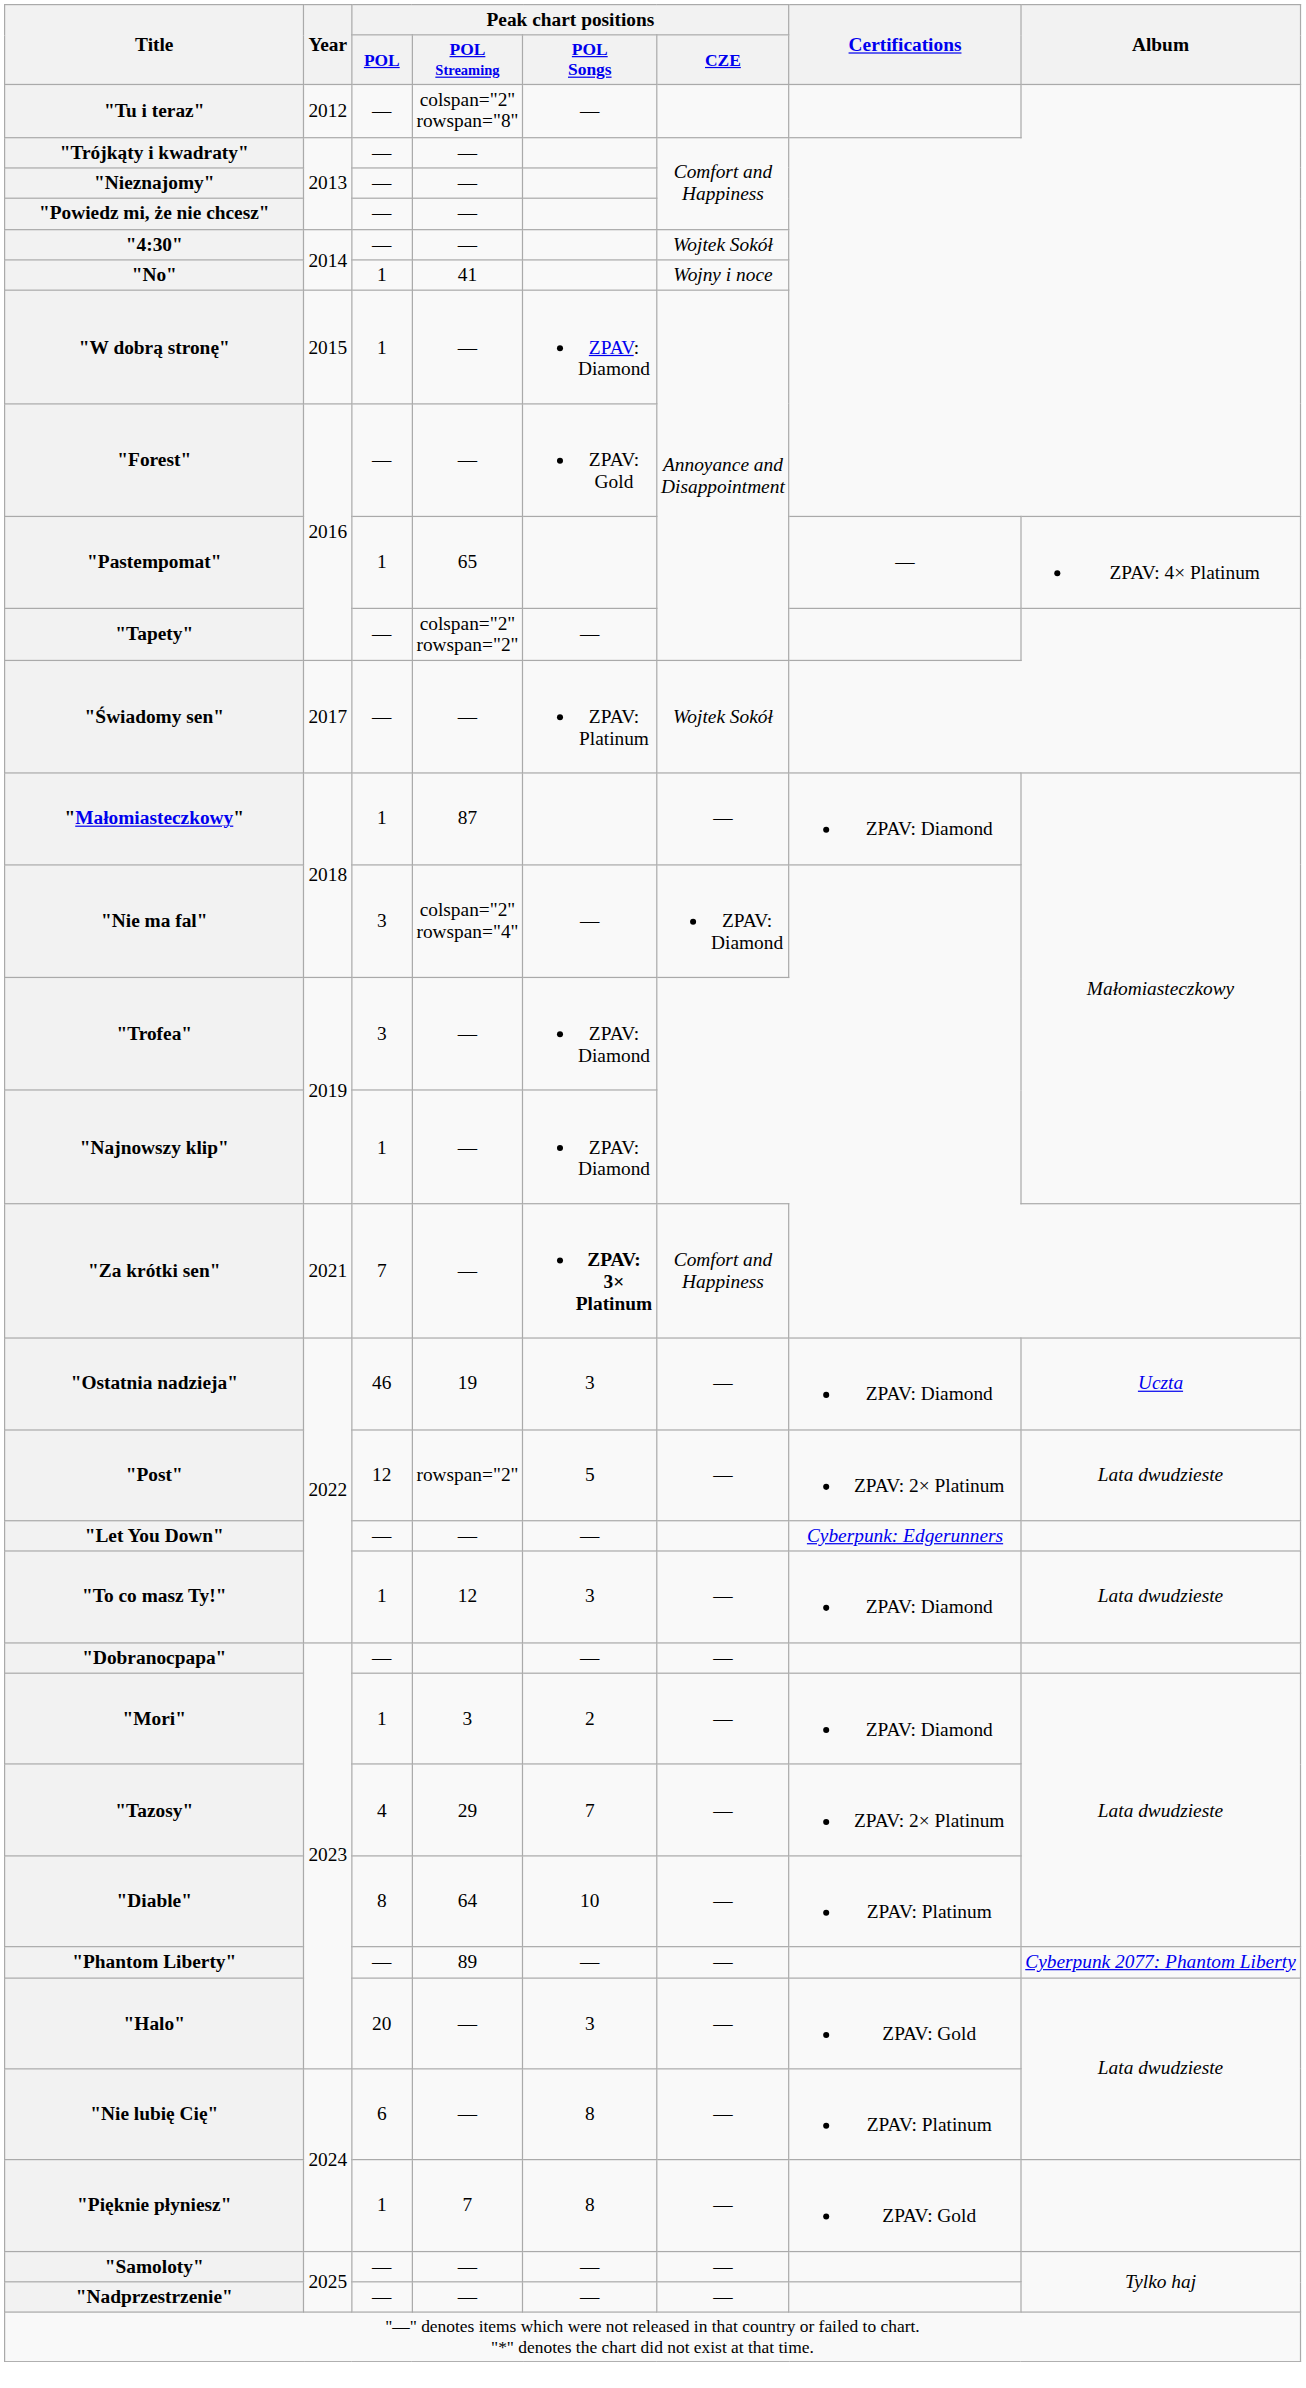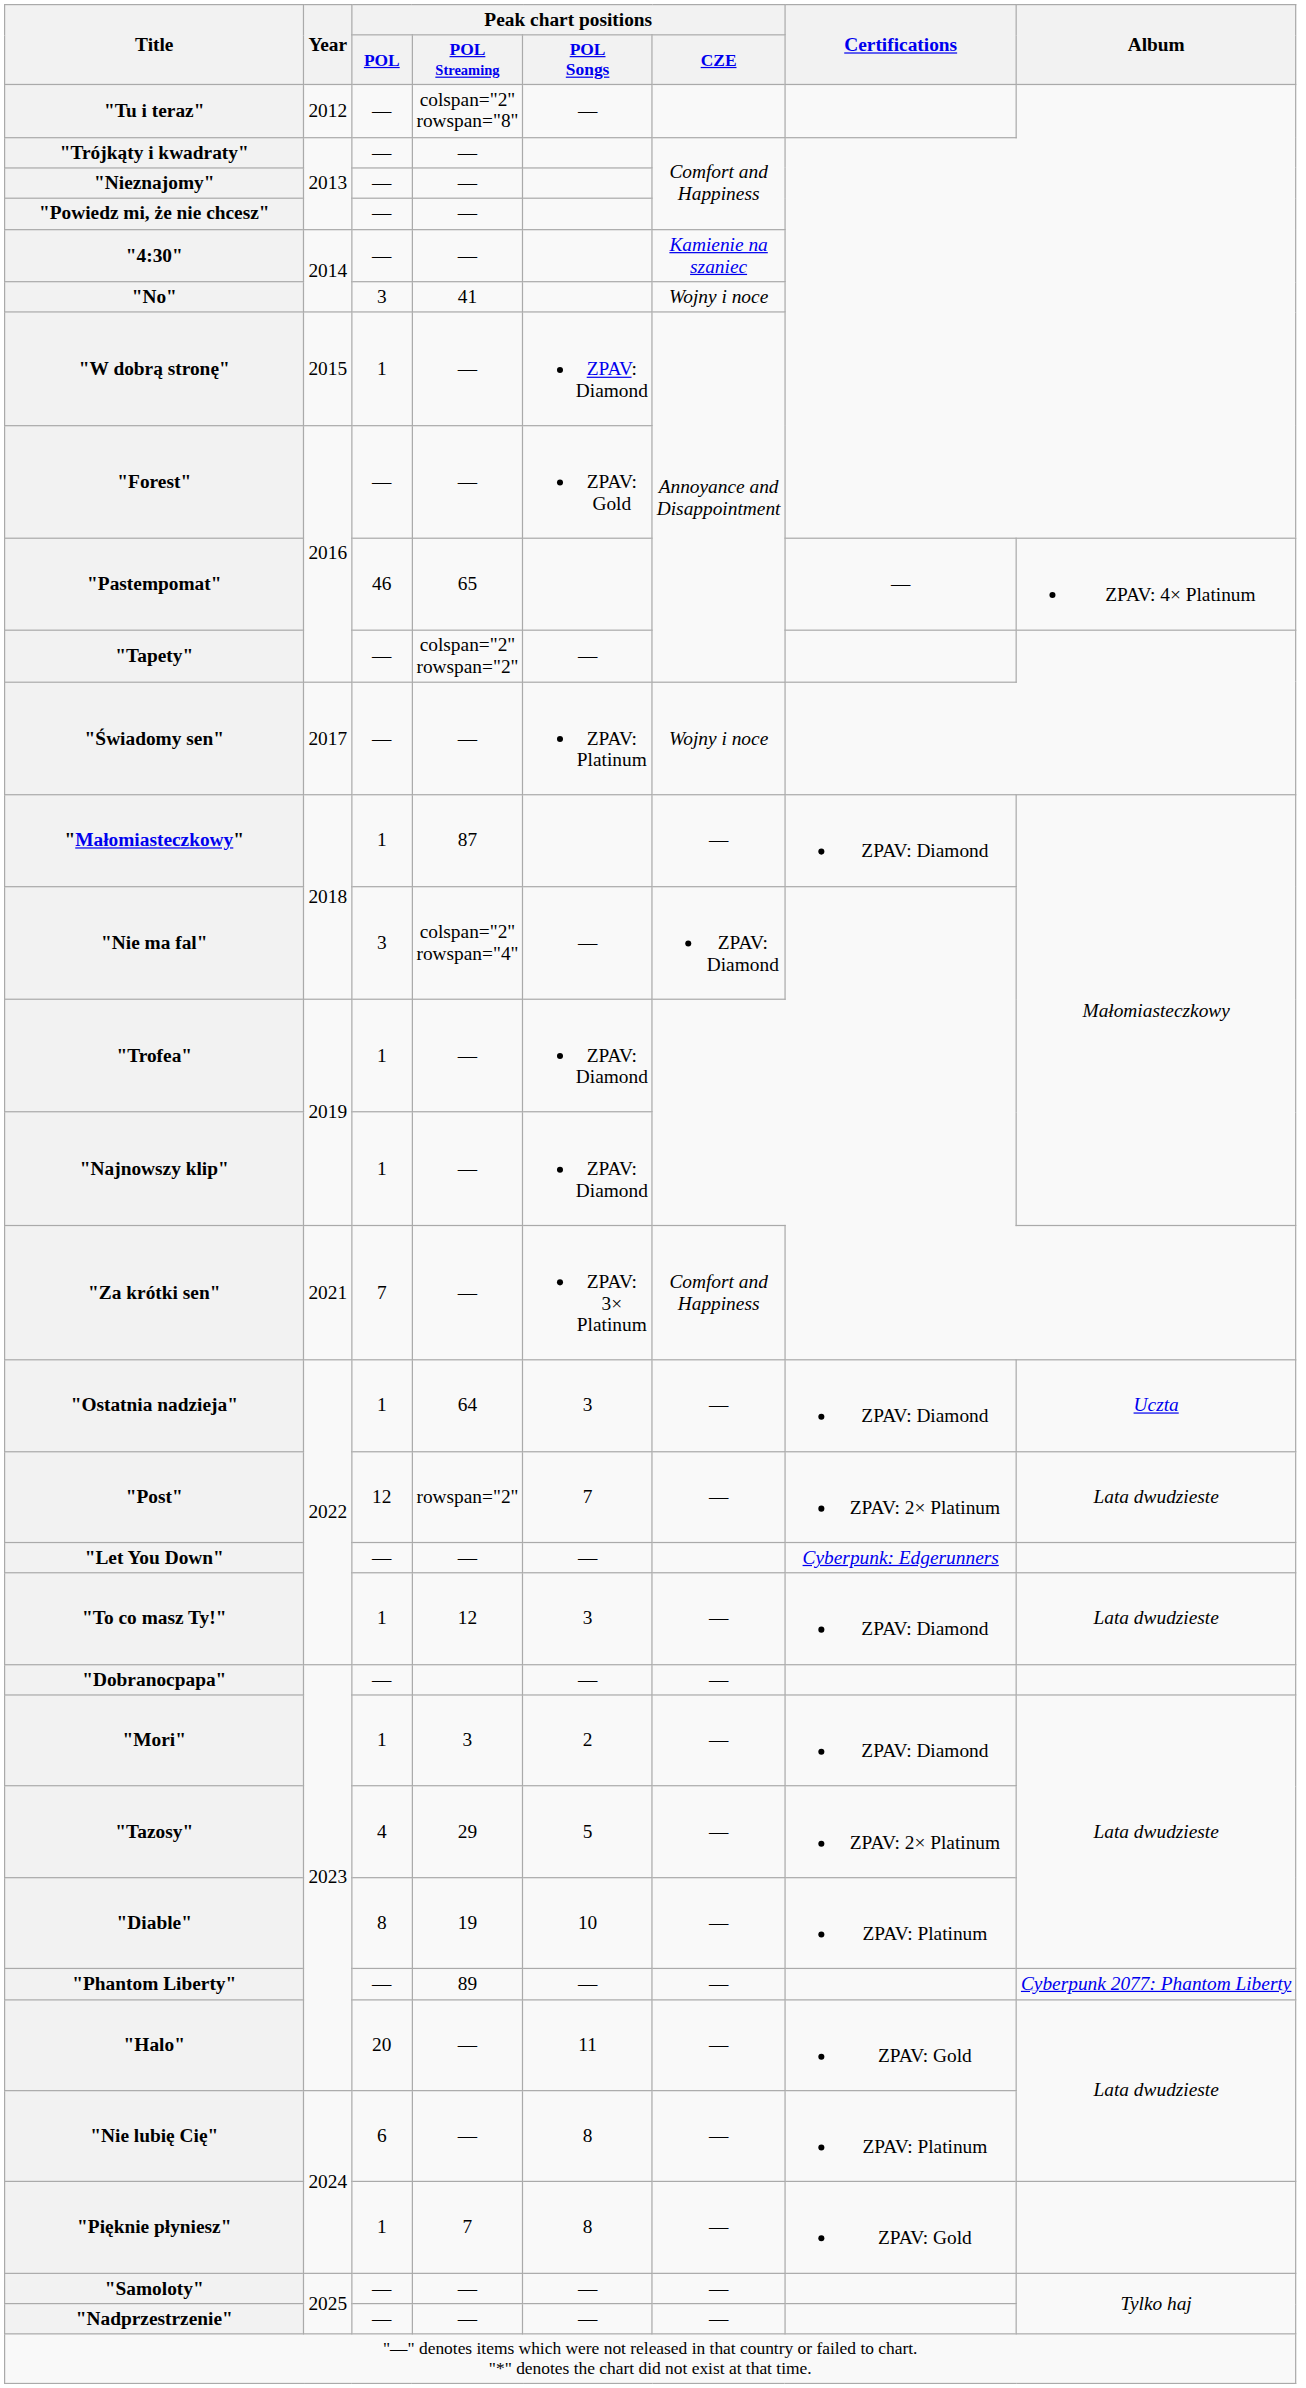 <table class="wikitable plainrowheaders" style="text-align:center;">
 <tr>
 <th scope="col" rowspan="2" style="width:15em;">Title</th>
 <th scope="col" rowspan="2" style="width:1em;">Year</th>
 <th scope="col" colspan="4">Peak chart positions</th>
 <th scope="col" rowspan="2" style="width:11.5em;"><a href='#'>Certifications</a></th>
 <th scope="col" rowspan="2">Album</th>
 </tr>
 <tr>
 <th scope="col" style="width:3em;font-size:90%;"><a href='#'>POL</a><br></th>
 <th style="width:3em;font-size:90%"><a href='#'>POL<br><small>Streaming</small></a><br></th>
 <th scope="col" style="width:3em;font-size:90%;"><a href='#'>POL<br>Songs</a><br></th>
 <th scope="col" style="width:3em;font-size:90%;"><a href='#'>CZE</a><br></th>
 </tr>
 <tr>
 <th scope="row">"Tu i teraz"<br></th>
 <td>2012</td>
 <td>—</td>
 <td>colspan="2" rowspan="8" </td>
 <td>—</td>
 <td></td>
 <td></td>
 </tr>
 <tr>
 <th scope="row">"Trójkąty i kwadraty"</th>
 <td rowspan="3">2013</td>
 <td>—</td>
 <td>—</td>
 <td></td>
 <td rowspan="3"><em>Comfort and Happiness</em></td>
 </tr>
 <tr>
 <th scope="row">"Nieznajomy"</th>
 <td>—</td>
 <td>—</td>
 <td></td>
 </tr>
 <tr>
 <th scope="row">"Powiedz mi, że nie chcesz"</th>
 <td>—</td>
 <td>—</td>
 <td></td>
 </tr>
 <tr>
 <th scope="row">"4:30"</th>
 <td rowspan="2">2014</td>
 <td>—</td>
 <td>—</td>
 <td></td>
-<td><em>Wojtek Sokół</em></td>
+<td><em><a href='#'>Kamienie na szaniec</a></em></td>
 </tr>
 <tr>
 <th scope="row">"No"</th>
-<td>1</td>
+<td>3</td>
 <td>41</td>
 <td></td>
 <td><em>Wojny i noce</em></td>
 </tr>
 <tr>
 <th scope="row">"W dobrą stronę"</th>
 <td>2015</td>
 <td>1</td>
 <td>—</td>
 <td><br><ul><li><a href='#'>ZPAV</a>: Diamond</li></ul></td>
 <td rowspan="4"><em>Annoyance and Disappointment</em></td>
 </tr>
 <tr>
 <th scope="row">"Forest"</th>
 <td rowspan="3">2016</td>
 <td>—</td>
 <td>—</td>
 <td><br><ul><li>ZPAV: Gold</li></ul></td>
 </tr>
 <tr>
 <th scope="row">"Pastempomat"</th>
-<td>1</td>
+<td>46</td>
 <td>65</td>
 <td></td>
 <td>—</td>
 <td><br><ul><li>ZPAV: 4× Platinum</li></ul></td>
 </tr>
 <tr>
 <th scope="row">"Tapety"</th>
 <td>—</td>
 <td>colspan="2" rowspan="2" </td>
 <td>—</td>
 <td></td>
 </tr>
 <tr>
 <th scope="row">"Świadomy sen"<br></th>
 <td>2017</td>
 <td>—</td>
 <td>—</td>
 <td><br><ul><li>ZPAV: Platinum</li></ul></td>
-<td><em>Wojtek Sokół</em></td>
+<td><em>Wojny i noce</em></td>
 </tr>
 <tr>
 <th scope="row">"<a href='#'>Małomiasteczkowy</a>"</th>
 <td rowspan="2">2018</td>
 <td>1</td>
 <td>87</td>
 <td></td>
 <td>—</td>
 <td><br><ul><li>ZPAV: Diamond</li></ul></td>
 <td rowspan="4"><em>Małomiasteczkowy</em></td>
 </tr>
 <tr>
 <th scope="row">"Nie ma fal"</th>
 <td>3</td>
 <td>colspan="2" rowspan="4" </td>
 <td>—</td>
 <td><br><ul><li>ZPAV: Diamond</li></ul></td>
 </tr>
 <tr>
 <th scope="row">"Trofea"</th>
 <td rowspan="2">2019</td>
-<td>3</td>
+<td>1</td>
 <td>—</td>
 <td><br><ul><li>ZPAV: Diamond</li></ul></td>
 </tr>
 <tr>
 <th scope="row">"Najnowszy klip"</th>
 <td>1</td>
 <td>—</td>
 <td><br><ul><li>ZPAV: Diamond</li></ul></td>
 </tr>
 <tr>
 <th scope="row">"Za krótki sen"<br></th>
 <td>2021</td>
 <td>7</td>
 <td>—</td>
-<td><strong><br><ul><li>ZPAV: 3× Platinum</li></ul></strong></td>
+<td><br><ul><li>ZPAV: 3× Platinum</li></ul></td>
 <td><em>Comfort and Happiness</em></td>
 </tr>
 <tr>
 <th scope="row">"Ostatnia nadzieja"<br></th>
 <td rowspan="4">2022</td>
-<td>46</td>
-<td>19</td>
+<td>1</td>
+<td>64</td>
 <td>3</td>
 <td>—</td>
 <td><br><ul><li>ZPAV: Diamond</li></ul></td>
 <td><em><a href='#'>Uczta</a></em></td>
 </tr>
 <tr>
 <th scope="row">"Post"</th>
 <td>12</td>
 <td>rowspan="2" </td>
-<td>5</td>
+<td>7</td>
 <td>—</td>
 <td><br><ul><li>ZPAV: 2× Platinum</li></ul></td>
 <td><em>Lata dwudzieste</em></td>
 </tr>
 <tr>
 <th scope="row">"Let You Down"</th>
 <td>—</td>
 <td>—</td>
 <td>—</td>
 <td></td>
 <td><em><a href='#'>Cyberpunk: Edgerunners</a></em></td>
 </tr>
 <tr>
 <th scope="row">"To co masz Ty!"</th>
 <td>1</td>
 <td>12</td>
 <td>3</td>
 <td>—</td>
 <td><br><ul><li>ZPAV: Diamond</li></ul></td>
 <td><em>Lata dwudzieste</em></td>
 </tr>
 <tr>
 <th scope="row">"Dobranocpapa"</th>
 <td rowspan="6">2023</td>
 <td>—</td>
 <td></td>
 <td>—</td>
 <td>—</td>
 <td></td>
 <td></td>
 </tr>
 <tr>
 <th scope="row">"Mori"</th>
 <td>1</td>
 <td>3</td>
 <td>2</td>
 <td>—</td>
 <td><br><ul><li>ZPAV: Diamond</li></ul></td>
 <td rowspan="3"><em>Lata dwudzieste</em></td>
 </tr>
 <tr>
 <th scope="row">"Tazosy"</th>
 <td>4</td>
 <td>29</td>
-<td>7</td>
+<td>5</td>
 <td>—</td>
 <td><br><ul><li>ZPAV: 2× Platinum</li></ul></td>
 </tr>
 <tr>
 <th scope="row">"Diable"</th>
 <td>8</td>
-<td>64</td>
+<td>19</td>
 <td>10</td>
 <td>—</td>
 <td><br><ul><li>ZPAV: Platinum</li></ul></td>
 </tr>
 <tr>
 <th scope="row">"Phantom Liberty"<br></th>
 <td>—</td>
 <td>89</td>
 <td>—</td>
 <td>—</td>
 <td></td>
 <td><em><a href='#'>Cyberpunk 2077: Phantom Liberty</a></em></td>
 </tr>
 <tr>
 <th scope="row">"Halo"</th>
 <td>20</td>
 <td>—</td>
-<td>3</td>
+<td>11</td>
 <td>—</td>
 <td><br><ul><li>ZPAV: Gold</li></ul></td>
 <td rowspan="2"><em>Lata dwudzieste</em></td>
 </tr>
 <tr>
 <th scope="row">"Nie lubię Cię"</th>
 <td rowspan="2">2024</td>
 <td>6</td>
 <td>—</td>
 <td>8</td>
 <td>—</td>
 <td><br><ul><li>ZPAV: Platinum</li></ul></td>
 </tr>
 <tr>
 <th scope="row">"Pięknie płyniesz"</th>
 <td>1</td>
 <td>7</td>
 <td>8</td>
 <td>—</td>
 <td><br><ul><li>ZPAV: Gold</li></ul></td>
 <td></td>
 </tr>
 <tr>
 <th scope="row">"Samoloty"<br></th>
 <td rowspan="2">2025</td>
 <td>—</td>
 <td>—</td>
 <td>—</td>
 <td>—</td>
 <td></td>
 <td rowspan="2"><em>Tylko haj</em></td>
 </tr>
 <tr>
 <th scope="row">"Nadprzestrzenie"<br></th>
 <td>—</td>
 <td>—</td>
 <td>—</td>
 <td>—</td>
 <td></td>
 </tr>
 <tr>
 <td colspan="8" style="font-size:90%;">"—" denotes items which were not released in that country or failed to chart.<br>"*" denotes the chart did not exist at that time.</td>
 </tr>
 </table>
